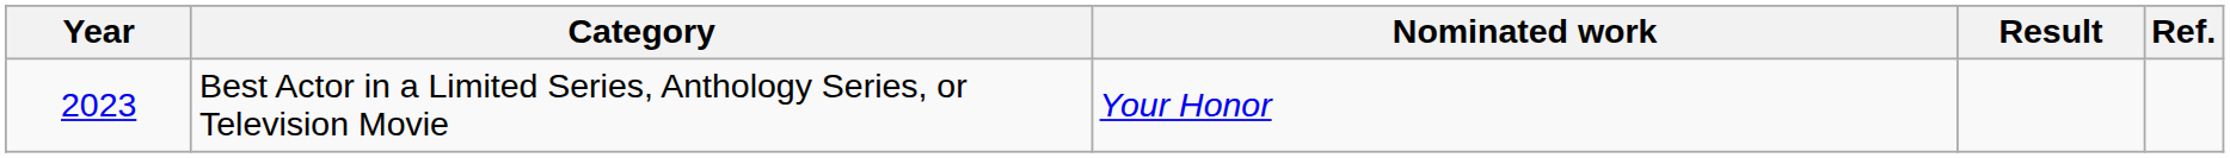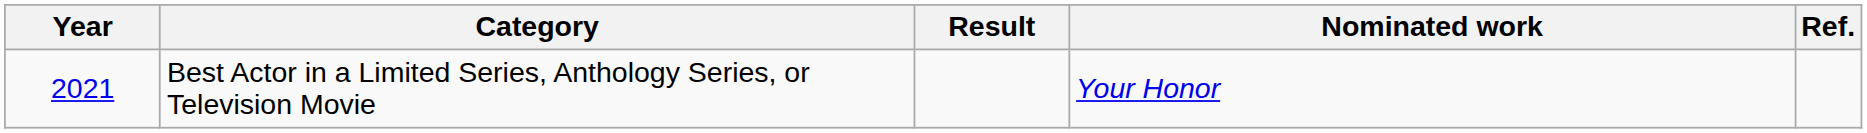 <table class=wikitable>
 <tr>
 <th scope="col" style="width:5em;">Year</th>
 <th scope="col" style="width:26em;">Category</th>
+<th scope="col" style="width:5em;">Result</th>
 <th scope="col" style="width:25em;">Nominated work</th>
-<th scope="col" style="width:5em;">Result</th>
 <th>Ref.</th>
 </tr>
 <tr>
-<td style="text-align:center;"><a href='#'>2023</a></td>
+<td style="text-align:center;"><a href='#'>2021</a></td>
 <td>Best Actor in a Limited Series, Anthology Series, or Television Movie</td>
+<td></td>
 <td><em><a href='#'>Your Honor</a></em></td>
-<td></td>
 <td style="text-align:center;"></td>
 </tr>
 </table>
